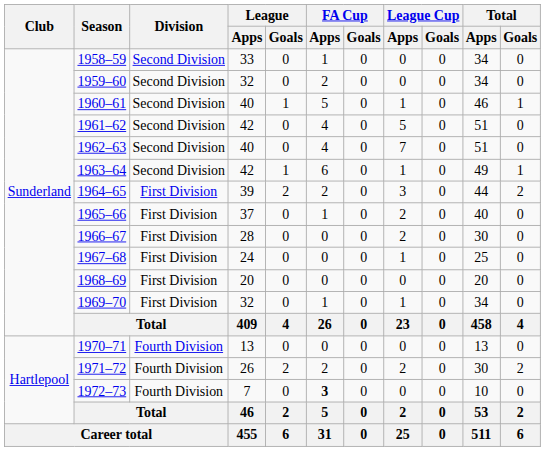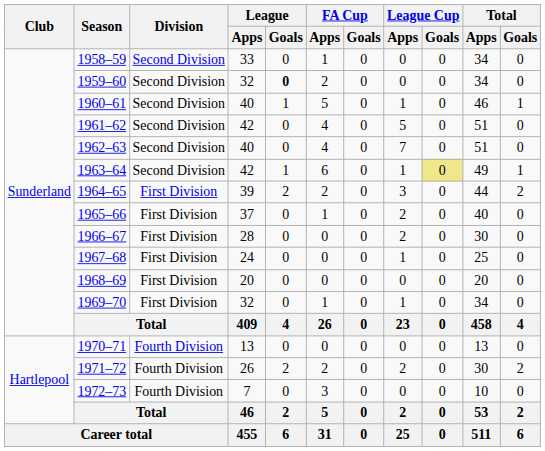 <table class="wikitable" style="text-align:center">
 <tr>
 <th rowspan="2">Club</th>
 <th rowspan="2">Season</th>
 <th rowspan="2">Division</th>
 <th colspan="2">League</th>
 <th colspan="2"><a href='#'>FA Cup</a></th>
 <th colspan="2"><a href='#'>League Cup</a></th>
 <th colspan="2">Total</th>
 </tr>
 <tr>
 <th>Apps</th>
 <th>Goals</th>
 <th>Apps</th>
 <th>Goals</th>
 <th>Apps</th>
 <th>Goals</th>
 <th>Apps</th>
 <th>Goals</th>
 </tr>
 <tr>
 <td rowspan="13"><a href='#'>Sunderland</a></td>
 <td><a href='#'>1958–59</a></td>
 <td><a href='#'>Second Division</a></td>
 <td>33</td>
 <td>0</td>
 <td>1</td>
 <td>0</td>
 <td>0</td>
 <td>0</td>
 <td>34</td>
 <td>0</td>
 </tr>
 <tr>
 <td><a href='#'>1959–60</a></td>
 <td>Second Division</td>
 <td>32</td>
-<td>0</td>
+<td><strong>0</strong></td>
 <td>2</td>
 <td>0</td>
 <td>0</td>
 <td>0</td>
 <td>34</td>
 <td>0</td>
 </tr>
 <tr>
 <td><a href='#'>1960–61</a></td>
 <td>Second Division</td>
 <td>40</td>
 <td>1</td>
 <td>5</td>
 <td>0</td>
 <td>1</td>
 <td>0</td>
 <td>46</td>
 <td>1</td>
 </tr>
 <tr>
 <td><a href='#'>1961–62</a></td>
 <td>Second Division</td>
 <td>42</td>
 <td>0</td>
 <td>4</td>
 <td>0</td>
 <td>5</td>
 <td>0</td>
 <td>51</td>
 <td>0</td>
 </tr>
 <tr>
 <td><a href='#'>1962–63</a></td>
 <td>Second Division</td>
 <td>40</td>
 <td>0</td>
 <td>4</td>
 <td>0</td>
 <td>7</td>
 <td>0</td>
 <td>51</td>
 <td>0</td>
 </tr>
 <tr>
 <td><a href='#'>1963–64</a></td>
 <td>Second Division</td>
 <td>42</td>
 <td>1</td>
 <td>6</td>
 <td>0</td>
 <td>1</td>
-<td>0</td>
+<td style="background: khaki;">0</td>
 <td>49</td>
 <td>1</td>
 </tr>
 <tr>
 <td><a href='#'>1964–65</a></td>
 <td><a href='#'>First Division</a></td>
 <td>39</td>
 <td>2</td>
 <td>2</td>
 <td>0</td>
 <td>3</td>
 <td>0</td>
 <td>44</td>
 <td>2</td>
 </tr>
 <tr>
 <td><a href='#'>1965–66</a></td>
 <td>First Division</td>
 <td>37</td>
 <td>0</td>
 <td>1</td>
 <td>0</td>
 <td>2</td>
 <td>0</td>
 <td>40</td>
 <td>0</td>
 </tr>
 <tr>
 <td><a href='#'>1966–67</a></td>
 <td>First Division</td>
 <td>28</td>
 <td>0</td>
 <td>0</td>
 <td>0</td>
 <td>2</td>
 <td>0</td>
 <td>30</td>
 <td>0</td>
 </tr>
 <tr>
 <td><a href='#'>1967–68</a></td>
 <td>First Division</td>
 <td>24</td>
 <td>0</td>
 <td>0</td>
 <td>0</td>
 <td>1</td>
 <td>0</td>
 <td>25</td>
 <td>0</td>
 </tr>
 <tr>
 <td><a href='#'>1968–69</a></td>
 <td>First Division</td>
 <td>20</td>
 <td>0</td>
 <td>0</td>
 <td>0</td>
 <td>0</td>
 <td>0</td>
 <td>20</td>
 <td>0</td>
 </tr>
 <tr>
 <td><a href='#'>1969–70</a></td>
 <td>First Division</td>
 <td>32</td>
 <td>0</td>
 <td>1</td>
 <td>0</td>
 <td>1</td>
 <td>0</td>
 <td>34</td>
 <td>0</td>
 </tr>
 <tr>
 <th colspan="2">Total</th>
 <th>409</th>
 <th>4</th>
 <th>26</th>
 <th>0</th>
 <th>23</th>
 <th>0</th>
 <th>458</th>
 <th>4</th>
 </tr>
 <tr>
 <td rowspan="4"><a href='#'>Hartlepool</a></td>
 <td><a href='#'>1970–71</a></td>
 <td><a href='#'>Fourth Division</a></td>
 <td>13</td>
 <td>0</td>
 <td>0</td>
 <td>0</td>
 <td>0</td>
 <td>0</td>
 <td>13</td>
 <td>0</td>
 </tr>
 <tr>
 <td><a href='#'>1971–72</a></td>
 <td>Fourth Division</td>
 <td>26</td>
 <td>2</td>
 <td>2</td>
 <td>0</td>
 <td>2</td>
 <td>0</td>
 <td>30</td>
 <td>2</td>
 </tr>
 <tr>
 <td><a href='#'>1972–73</a></td>
 <td>Fourth Division</td>
 <td>7</td>
 <td>0</td>
-<td><strong>3</strong></td>
+<td>3</td>
 <td>0</td>
 <td>0</td>
 <td>0</td>
 <td>10</td>
 <td>0</td>
 </tr>
 <tr>
 <th colspan="2">Total</th>
 <th>46</th>
 <th>2</th>
 <th>5</th>
 <th>0</th>
 <th>2</th>
 <th>0</th>
 <th>53</th>
 <th>2</th>
 </tr>
 <tr>
 <th colspan="3">Career total</th>
 <th>455</th>
 <th>6</th>
 <th>31</th>
 <th>0</th>
 <th>25</th>
 <th>0</th>
 <th>511</th>
 <th>6</th>
 </tr>
 </table>
